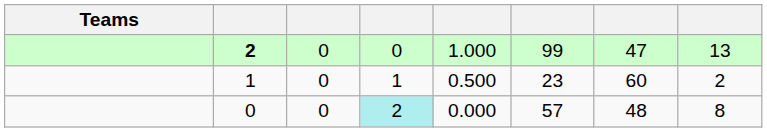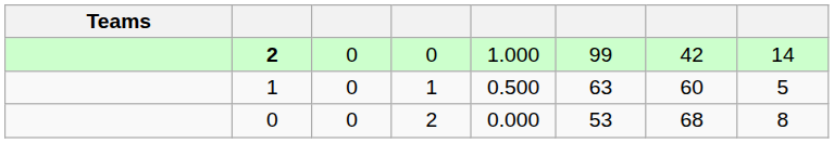 <table class="wikitable" width="50%" style="text-align:center;">
 <tr>
 <th width="20%">Teams</th>
 <th width="7%"></th>
 <th width="7%"></th>
 <th width="7%"></th>
 <th width="7%"></th>
 <th width="8%"></th>
 <th width="8%"></th>
 <th width="8%"></th>
 </tr>
 <tr bgcolor="ccffcc">
 <td align=left></td>
 <td><strong>2</strong></td>
 <td>0</td>
 <td>0</td>
 <td>1.000</td>
 <td>99</td>
-<td>47</td>
-<td>13</td>
+<td>42</td>
+<td>14</td>
 </tr>
 <tr>
 <td align=left></td>
 <td>1</td>
 <td>0</td>
 <td>1</td>
 <td>0.500</td>
-<td>23</td>
+<td>63</td>
 <td>60</td>
-<td>2</td>
+<td>5</td>
 </tr>
 <tr>
 <td align=left></td>
 <td>0</td>
 <td>0</td>
-<td style="background: paleturquoise;">2</td>
+<td>2</td>
 <td>0.000</td>
-<td>57</td>
-<td>48</td>
+<td>53</td>
+<td>68</td>
 <td>8</td>
 </tr>
 </table>
